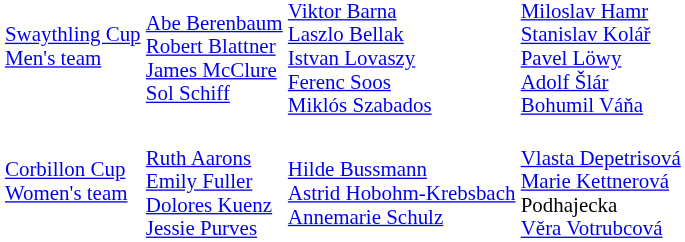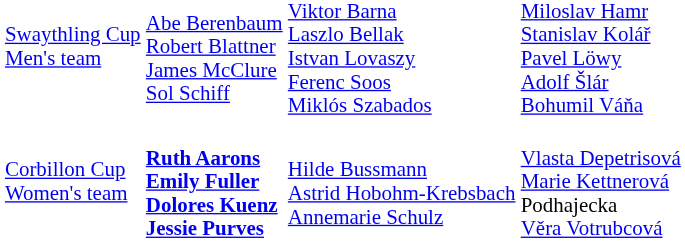 <table>
 <tr>
 <td><a href='#'>Swaythling Cup<br>Men's team</a></td>
 <td><br><a href='#'>Abe Berenbaum</a><br><a href='#'>Robert Blattner</a><br><a href='#'>James McClure</a><br><a href='#'>Sol Schiff</a></td>
 <td><br><a href='#'>Viktor Barna</a><br><a href='#'>Laszlo Bellak</a><br><a href='#'>Istvan Lovaszy</a><br><a href='#'>Ferenc Soos</a><br><a href='#'>Miklós Szabados</a></td>
 <td><br><a href='#'>Miloslav Hamr</a><br><a href='#'>Stanislav Kolář</a><br><a href='#'>Pavel Löwy</a><br><a href='#'>Adolf Šlár</a><br><a href='#'>Bohumil Váňa</a></td>
 </tr>
 <tr>
 <td><a href='#'>Corbillon Cup<br>Women's team</a></td>
-<td><br><a href='#'>Ruth Aarons</a><br><a href='#'>Emily Fuller</a><br><a href='#'>Dolores Kuenz</a><br><a href='#'>Jessie Purves</a></td>
+<td><strong><br><a href='#'>Ruth Aarons</a><br><a href='#'>Emily Fuller</a><br><a href='#'>Dolores Kuenz</a><br><a href='#'>Jessie Purves</a></strong></td>
 <td><br><a href='#'>Hilde Bussmann</a><br><a href='#'>Astrid Hobohm-Krebsbach</a><br><a href='#'>Annemarie Schulz</a></td>
 <td><br><a href='#'>Vlasta Depetrisová</a><br><a href='#'>Marie Kettnerová</a><br>Podhajecka<br><a href='#'>Věra Votrubcová</a></td>
 </tr>
 </table>
